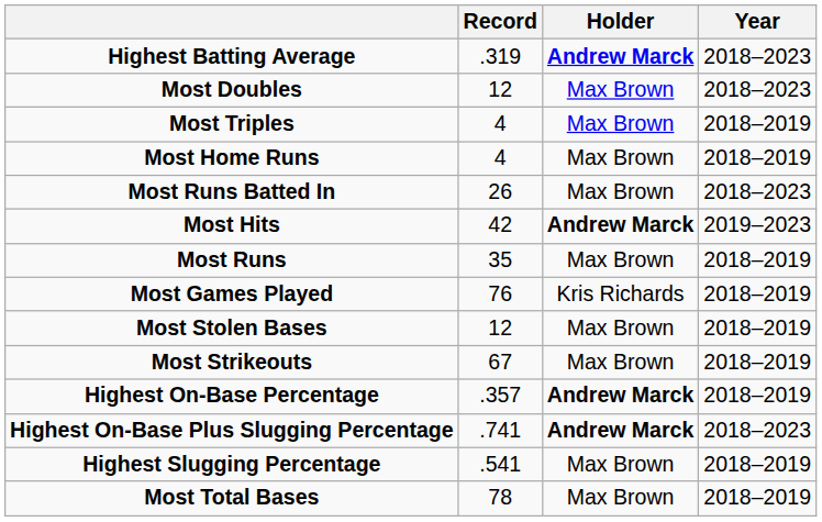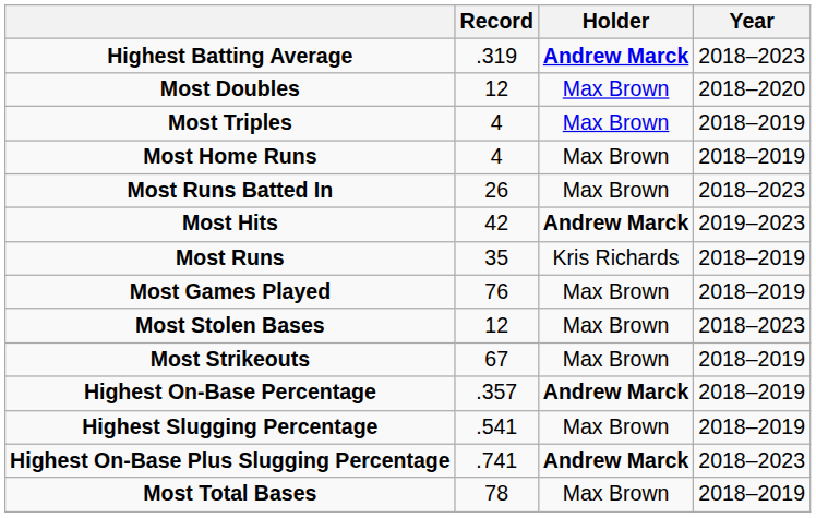 <table class="wikitable" style="text-align: center; mPERin: 0 auto;">
 <tr>
 <th></th>
 <th>Record</th>
 <th>Holder</th>
 <th>Year</th>
 </tr>
 <tr>
 <td><strong>Highest Batting Average</strong></td>
 <td>.319</td>
 <td><strong><a href='#'>Andrew Marck</a></strong></td>
 <td>2018–2023</td>
 </tr>
 <tr>
 <td><strong>Most Doubles</strong></td>
 <td>12</td>
 <td><a href='#'>Max Brown</a></td>
-<td>2018–2023</td>
+<td>2018–2020</td>
 </tr>
 <tr>
 <td><strong>Most Triples</strong></td>
 <td>4</td>
 <td><a href='#'>Max Brown</a></td>
 <td>2018–2019</td>
 </tr>
 <tr>
 <td><strong>Most Home Runs</strong></td>
 <td>4</td>
 <td>Max Brown</td>
 <td>2018–2019</td>
 </tr>
 <tr>
 <td><strong>Most Runs Batted In</strong></td>
 <td>26</td>
 <td>Max Brown</td>
 <td>2018–2023</td>
 </tr>
 <tr>
 <td><strong>Most Hits</strong></td>
 <td>42</td>
 <td><strong>Andrew Marck</strong></td>
 <td>2019–2023</td>
 </tr>
 <tr>
 <td><strong>Most Runs</strong></td>
 <td>35</td>
-<td>Max Brown</td>
+<td>Kris Richards</td>
 <td>2018–2019</td>
 </tr>
 <tr>
 <td><strong>Most Games Played</strong></td>
 <td>76</td>
-<td>Kris Richards</td>
+<td>Max Brown</td>
 <td>2018–2019</td>
 </tr>
 <tr>
 <td><strong>Most Stolen Bases</strong></td>
 <td>12</td>
 <td>Max Brown</td>
-<td>2018–2019</td>
+<td>2018–2023</td>
 </tr>
 <tr>
 <td><strong>Most Strikeouts</strong></td>
 <td>67</td>
 <td>Max Brown</td>
 <td>2018–2019</td>
 </tr>
 <tr>
 <td><strong>Highest On-Base Percentage</strong></td>
 <td>.357</td>
 <td><strong>Andrew Marck</strong></td>
 <td>2018–2019</td>
 </tr>
 <tr>
+<td><strong>Highest Slugging Percentage </strong></td>
+<td>.541</td>
+<td>Max Brown</td>
+<td>2018–2019</td>
+</tr>
+<tr>
 <td><strong>Highest On-Base Plus Slugging Percentage</strong></td>
 <td>.741</td>
 <td><strong>Andrew Marck</strong></td>
 <td>2018–2023</td>
-</tr>
-<tr>
-<td><strong>Highest Slugging Percentage </strong></td>
-<td>.541</td>
-<td>Max Brown</td>
-<td>2018–2019</td>
 </tr>
 <tr>
 <td><strong>Most Total Bases</strong></td>
 <td>78</td>
 <td>Max Brown</td>
 <td>2018–2019</td>
 </tr>
 </table>
